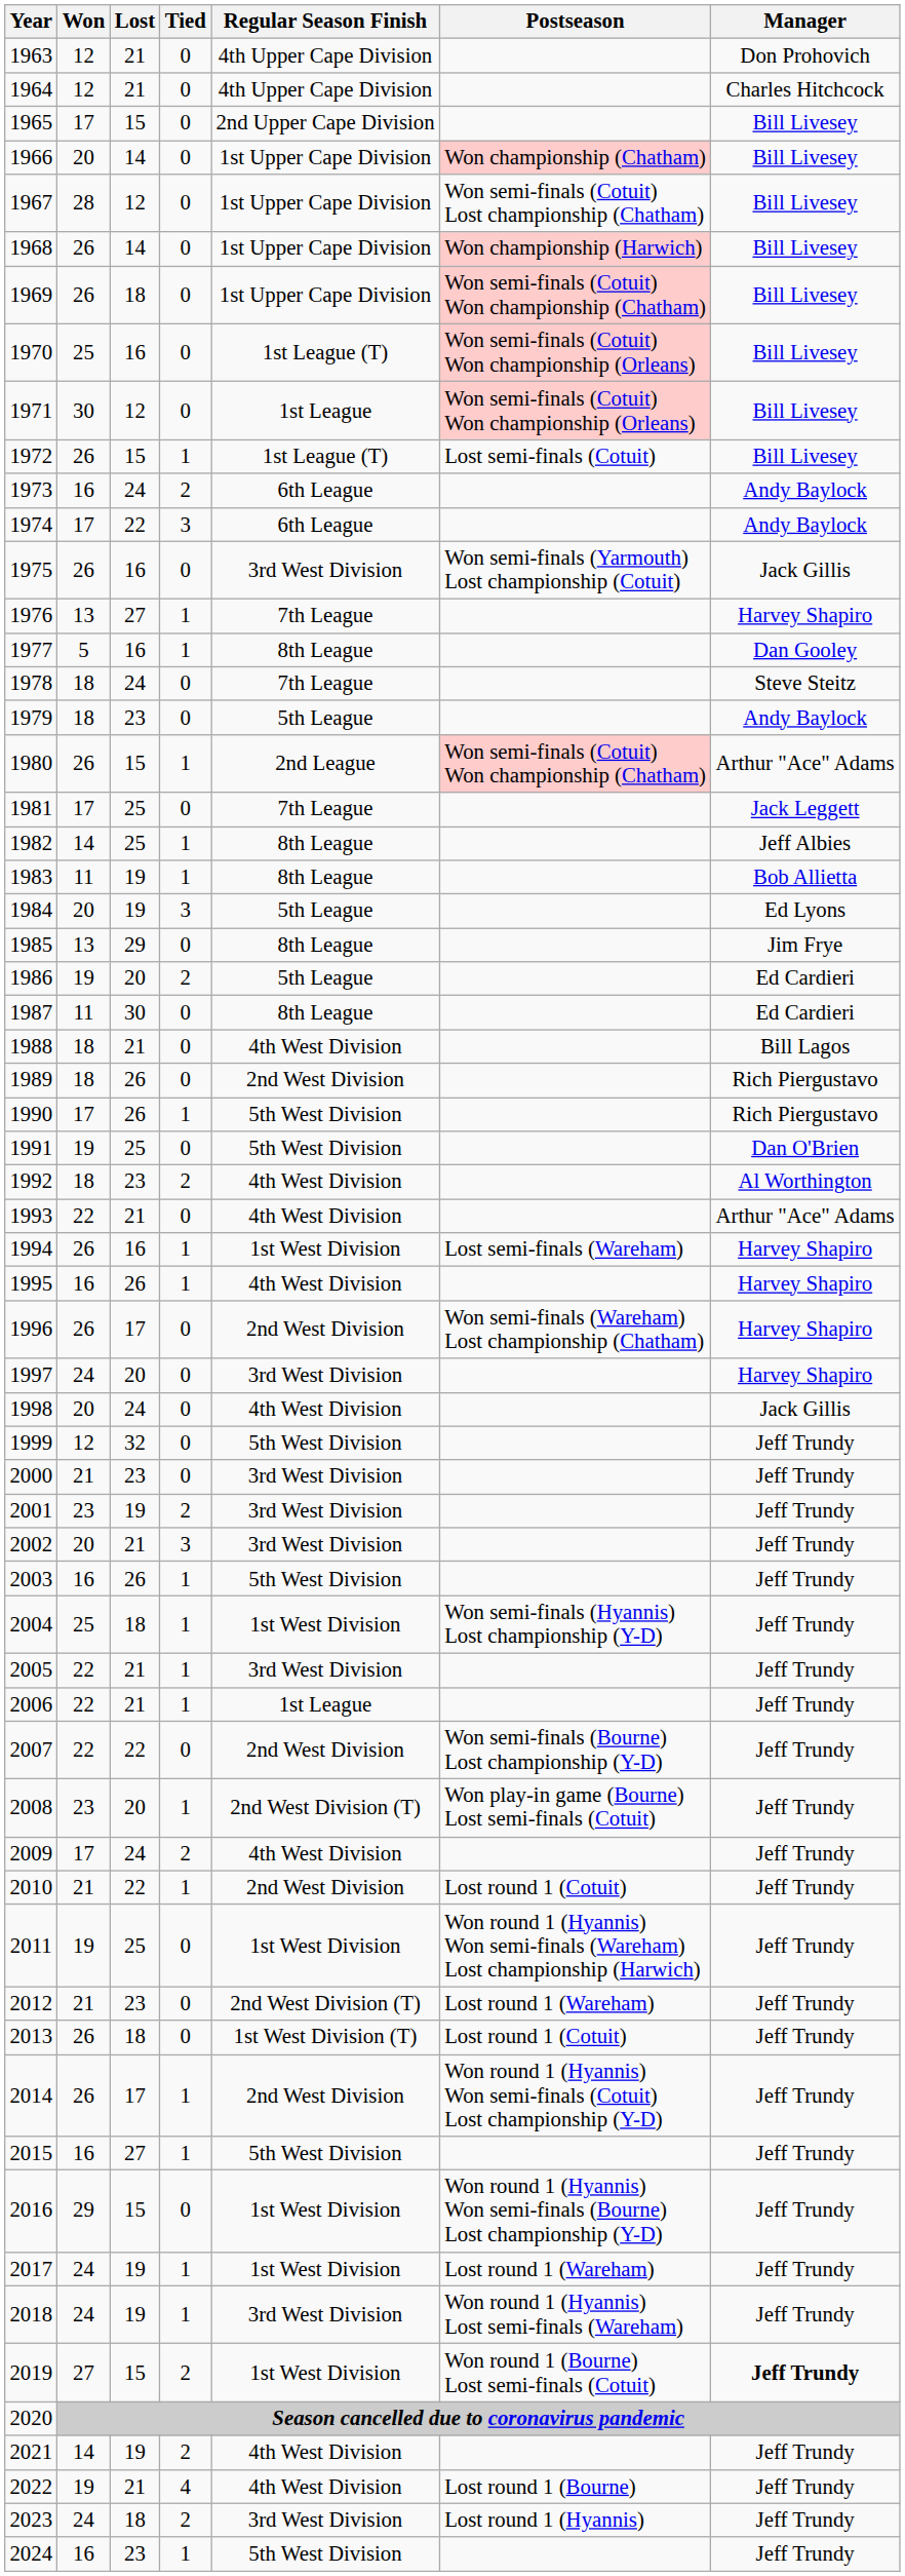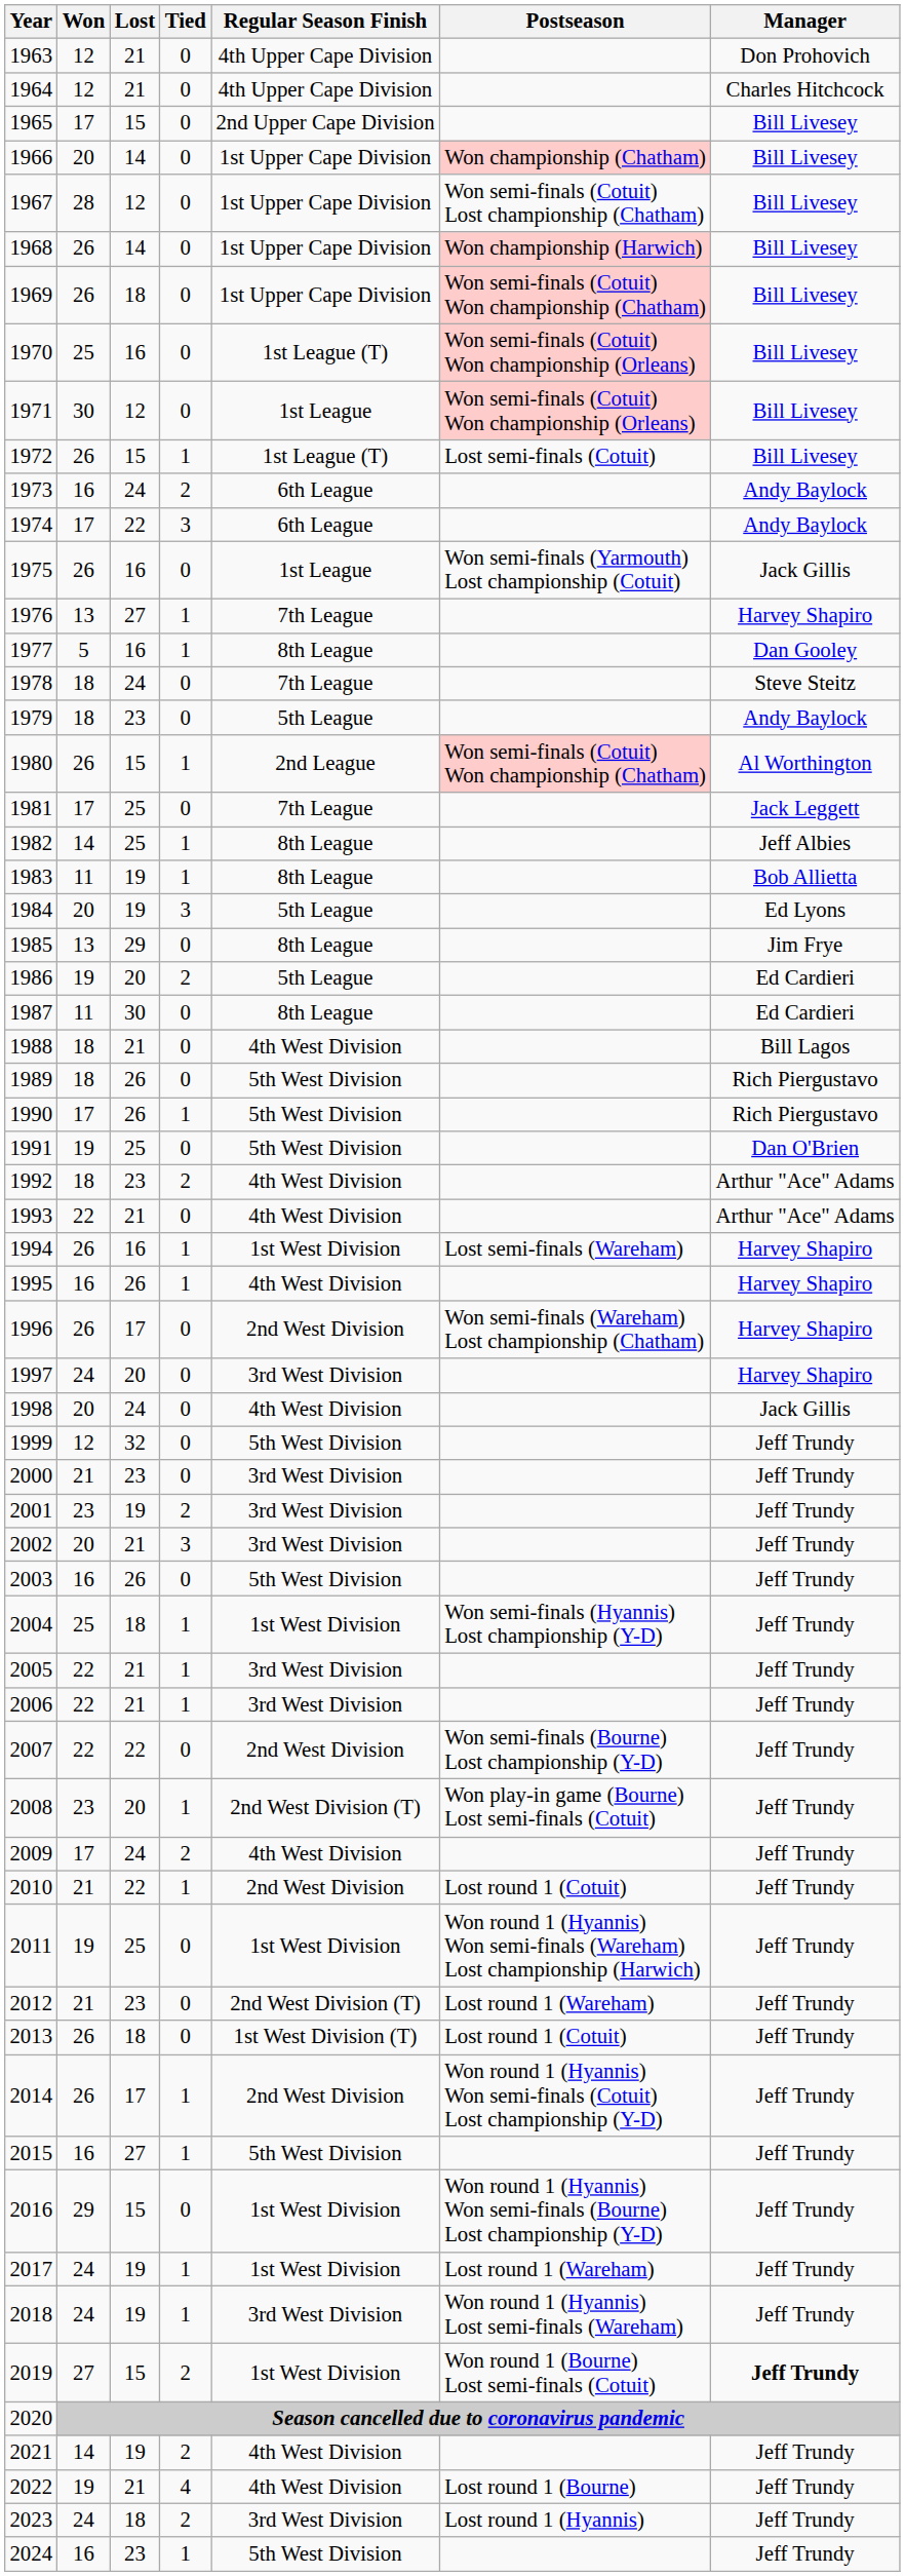 <table class="wikitable" style="text-align:center">
 <tr>
 <th>Year</th>
 <th>Won</th>
 <th>Lost</th>
 <th>Tied</th>
 <th>Regular Season Finish</th>
 <th>Postseason</th>
 <th>Manager</th>
 </tr>
 <tr>
 <td>1963</td>
 <td>12</td>
 <td>21</td>
 <td>0</td>
 <td>4th Upper Cape Division</td>
 <td></td>
 <td>Don Prohovich</td>
 </tr>
 <tr>
 <td>1964</td>
 <td>12</td>
 <td>21</td>
 <td>0</td>
 <td>4th Upper Cape Division</td>
 <td></td>
 <td>Charles Hitchcock</td>
 </tr>
 <tr>
 <td>1965</td>
 <td>17</td>
 <td>15</td>
 <td>0</td>
 <td>2nd Upper Cape Division</td>
 <td></td>
 <td><a href='#'>Bill Livesey</a></td>
 </tr>
 <tr>
 <td>1966</td>
 <td>20</td>
 <td>14</td>
 <td>0</td>
 <td>1st Upper Cape Division</td>
 <td style="text-align:left" bgcolor=#ffcccc>Won championship (<a href='#'>Chatham</a>)</td>
 <td><a href='#'>Bill Livesey</a></td>
 </tr>
 <tr>
 <td>1967</td>
 <td>28</td>
 <td>12</td>
 <td>0</td>
 <td>1st Upper Cape Division</td>
 <td style="text-align:left">Won semi-finals (<a href='#'>Cotuit</a>)<br>Lost championship (<a href='#'>Chatham</a>)</td>
 <td><a href='#'>Bill Livesey</a></td>
 </tr>
 <tr>
 <td>1968</td>
 <td>26</td>
 <td>14</td>
 <td>0</td>
 <td>1st Upper Cape Division</td>
 <td style="text-align:left" bgcolor=#ffcccc>Won championship (<a href='#'>Harwich</a>)</td>
 <td><a href='#'>Bill Livesey</a></td>
 </tr>
 <tr>
 <td>1969</td>
 <td>26</td>
 <td>18</td>
 <td>0</td>
 <td>1st Upper Cape Division</td>
 <td style="text-align:left" bgcolor=#ffcccc>Won semi-finals (<a href='#'>Cotuit</a>)<br>Won championship (<a href='#'>Chatham</a>)</td>
 <td><a href='#'>Bill Livesey</a></td>
 </tr>
 <tr>
 <td>1970</td>
 <td>25</td>
 <td>16</td>
 <td>0</td>
 <td>1st League (T)</td>
 <td style="text-align:left" bgcolor=#ffcccc>Won semi-finals (<a href='#'>Cotuit</a>)<br>Won championship (<a href='#'>Orleans</a>)</td>
 <td><a href='#'>Bill Livesey</a></td>
 </tr>
 <tr>
 <td>1971</td>
 <td>30</td>
 <td>12</td>
 <td>0</td>
 <td>1st League</td>
 <td style="text-align:left" bgcolor=#ffcccc>Won semi-finals (<a href='#'>Cotuit</a>)<br>Won championship (<a href='#'>Orleans</a>)</td>
 <td><a href='#'>Bill Livesey</a></td>
 </tr>
 <tr>
 <td>1972</td>
 <td>26</td>
 <td>15</td>
 <td>1</td>
 <td>1st League (T)</td>
 <td style="text-align:left">Lost semi-finals (<a href='#'>Cotuit</a>)</td>
 <td><a href='#'>Bill Livesey</a></td>
 </tr>
 <tr>
 <td>1973</td>
 <td>16</td>
 <td>24</td>
 <td>2</td>
 <td>6th League</td>
 <td></td>
 <td><a href='#'>Andy Baylock</a></td>
 </tr>
 <tr>
 <td>1974</td>
 <td>17</td>
 <td>22</td>
 <td>3</td>
 <td>6th League</td>
 <td></td>
 <td><a href='#'>Andy Baylock</a></td>
 </tr>
 <tr>
 <td>1975</td>
 <td>26</td>
 <td>16</td>
 <td>0</td>
-<td>3rd West Division</td>
+<td>1st League</td>
 <td style="text-align:left">Won semi-finals (<a href='#'>Yarmouth</a>)<br>Lost championship (<a href='#'>Cotuit</a>)</td>
 <td>Jack Gillis</td>
 </tr>
 <tr>
 <td>1976</td>
 <td>13</td>
 <td>27</td>
 <td>1</td>
 <td>7th League</td>
 <td></td>
 <td><a href='#'>Harvey Shapiro</a></td>
 </tr>
 <tr>
 <td>1977</td>
 <td>5</td>
 <td>16</td>
 <td>1</td>
 <td>8th League</td>
 <td></td>
 <td><a href='#'>Dan Gooley</a></td>
 </tr>
 <tr>
 <td>1978</td>
 <td>18</td>
 <td>24</td>
 <td>0</td>
 <td>7th League</td>
 <td></td>
 <td>Steve Steitz</td>
 </tr>
 <tr>
 <td>1979</td>
 <td>18</td>
 <td>23</td>
 <td>0</td>
 <td>5th League</td>
 <td></td>
 <td><a href='#'>Andy Baylock</a></td>
 </tr>
 <tr>
 <td>1980</td>
 <td>26</td>
 <td>15</td>
 <td>1</td>
 <td>2nd League</td>
 <td style="text-align:left" bgcolor=#ffcccc>Won semi-finals (<a href='#'>Cotuit</a>)<br>Won championship (<a href='#'>Chatham</a>)</td>
-<td>Arthur "Ace" Adams</td>
+<td><a href='#'>Al Worthington</a></td>
 </tr>
 <tr>
 <td>1981</td>
 <td>17</td>
 <td>25</td>
 <td>0</td>
 <td>7th League</td>
 <td></td>
 <td><a href='#'>Jack Leggett</a></td>
 </tr>
 <tr>
 <td>1982</td>
 <td>14</td>
 <td>25</td>
 <td>1</td>
 <td>8th League</td>
 <td></td>
 <td>Jeff Albies</td>
 </tr>
 <tr>
 <td>1983</td>
 <td>11</td>
 <td>19</td>
 <td>1</td>
 <td>8th League</td>
 <td></td>
 <td><a href='#'>Bob Allietta</a></td>
 </tr>
 <tr>
 <td>1984</td>
 <td>20</td>
 <td>19</td>
 <td>3</td>
 <td>5th League</td>
 <td></td>
 <td>Ed Lyons</td>
 </tr>
 <tr>
 <td>1985</td>
 <td>13</td>
 <td>29</td>
 <td>0</td>
 <td>8th League</td>
 <td></td>
 <td>Jim Frye</td>
 </tr>
 <tr>
 <td>1986</td>
 <td>19</td>
 <td>20</td>
 <td>2</td>
 <td>5th League</td>
 <td></td>
 <td>Ed Cardieri</td>
 </tr>
 <tr>
 <td>1987</td>
 <td>11</td>
 <td>30</td>
 <td>0</td>
 <td>8th League</td>
 <td></td>
 <td>Ed Cardieri</td>
 </tr>
 <tr>
 <td>1988</td>
 <td>18</td>
 <td>21</td>
 <td>0</td>
 <td>4th West Division</td>
 <td></td>
 <td>Bill Lagos</td>
 </tr>
 <tr>
 <td>1989</td>
 <td>18</td>
 <td>26</td>
 <td>0</td>
-<td>2nd West Division</td>
+<td>5th West Division</td>
 <td></td>
 <td>Rich Piergustavo</td>
 </tr>
 <tr>
 <td>1990</td>
 <td>17</td>
 <td>26</td>
 <td>1</td>
 <td>5th West Division</td>
 <td></td>
 <td>Rich Piergustavo</td>
 </tr>
 <tr>
 <td>1991</td>
 <td>19</td>
 <td>25</td>
 <td>0</td>
 <td>5th West Division</td>
 <td></td>
 <td><a href='#'>Dan O'Brien</a></td>
 </tr>
 <tr>
 <td>1992</td>
 <td>18</td>
 <td>23</td>
 <td>2</td>
 <td>4th West Division</td>
 <td></td>
-<td><a href='#'>Al Worthington</a></td>
+<td>Arthur "Ace" Adams</td>
 </tr>
 <tr>
 <td>1993</td>
 <td>22</td>
 <td>21</td>
 <td>0</td>
 <td>4th West Division</td>
 <td></td>
 <td>Arthur "Ace" Adams</td>
 </tr>
 <tr>
 <td>1994</td>
 <td>26</td>
 <td>16</td>
 <td>1</td>
 <td>1st West Division</td>
 <td style="text-align:left">Lost semi-finals (<a href='#'>Wareham</a>)</td>
 <td><a href='#'>Harvey Shapiro</a></td>
 </tr>
 <tr>
 <td>1995</td>
 <td>16</td>
 <td>26</td>
 <td>1</td>
 <td>4th West Division</td>
 <td></td>
 <td><a href='#'>Harvey Shapiro</a></td>
 </tr>
 <tr>
 <td>1996</td>
 <td>26</td>
 <td>17</td>
 <td>0</td>
 <td>2nd West Division</td>
 <td style="text-align:left">Won semi-finals (<a href='#'>Wareham</a>)<br>Lost championship (<a href='#'>Chatham</a>)</td>
 <td><a href='#'>Harvey Shapiro</a></td>
 </tr>
 <tr>
 <td>1997</td>
 <td>24</td>
 <td>20</td>
 <td>0</td>
 <td>3rd West Division</td>
 <td></td>
 <td><a href='#'>Harvey Shapiro</a></td>
 </tr>
 <tr>
 <td>1998</td>
 <td>20</td>
 <td>24</td>
 <td>0</td>
 <td>4th West Division</td>
 <td></td>
 <td>Jack Gillis</td>
 </tr>
 <tr>
 <td>1999</td>
 <td>12</td>
 <td>32</td>
 <td>0</td>
 <td>5th West Division</td>
 <td></td>
 <td>Jeff Trundy</td>
 </tr>
 <tr>
 <td>2000</td>
 <td>21</td>
 <td>23</td>
 <td>0</td>
 <td>3rd West Division</td>
 <td></td>
 <td>Jeff Trundy</td>
 </tr>
 <tr>
 <td>2001</td>
 <td>23</td>
 <td>19</td>
 <td>2</td>
 <td>3rd West Division</td>
 <td></td>
 <td>Jeff Trundy</td>
 </tr>
 <tr>
 <td>2002</td>
 <td>20</td>
 <td>21</td>
 <td>3</td>
 <td>3rd West Division</td>
 <td></td>
 <td>Jeff Trundy</td>
 </tr>
 <tr>
 <td>2003</td>
 <td>16</td>
 <td>26</td>
-<td>1</td>
+<td>0</td>
 <td>5th West Division</td>
 <td></td>
 <td>Jeff Trundy</td>
 </tr>
 <tr>
 <td>2004</td>
 <td>25</td>
 <td>18</td>
 <td>1</td>
 <td>1st West Division</td>
 <td style="text-align:left">Won semi-finals (<a href='#'>Hyannis</a>)<br>Lost championship (<a href='#'>Y-D</a>)</td>
 <td>Jeff Trundy</td>
 </tr>
 <tr>
 <td>2005</td>
 <td>22</td>
 <td>21</td>
 <td>1</td>
 <td>3rd West Division</td>
 <td></td>
 <td>Jeff Trundy</td>
 </tr>
 <tr>
 <td>2006</td>
 <td>22</td>
 <td>21</td>
 <td>1</td>
-<td>1st League</td>
+<td>3rd West Division</td>
 <td></td>
 <td>Jeff Trundy</td>
 </tr>
 <tr>
 <td>2007</td>
 <td>22</td>
 <td>22</td>
 <td>0</td>
 <td>2nd West Division</td>
 <td style="text-align:left">Won semi-finals (<a href='#'>Bourne</a>)<br>Lost championship (<a href='#'>Y-D</a>)</td>
 <td>Jeff Trundy</td>
 </tr>
 <tr>
 <td>2008</td>
 <td>23</td>
 <td>20</td>
 <td>1</td>
 <td>2nd West Division (T)</td>
 <td style="text-align:left">Won play-in game (<a href='#'>Bourne</a>)<br>Lost semi-finals (<a href='#'>Cotuit</a>)</td>
 <td>Jeff Trundy</td>
 </tr>
 <tr>
 <td>2009</td>
 <td>17</td>
 <td>24</td>
 <td>2</td>
 <td>4th West Division</td>
 <td></td>
 <td>Jeff Trundy</td>
 </tr>
 <tr>
 <td>2010</td>
 <td>21</td>
 <td>22</td>
 <td>1</td>
 <td>2nd West Division</td>
 <td style="text-align:left">Lost round 1 (<a href='#'>Cotuit</a>)</td>
 <td>Jeff Trundy</td>
 </tr>
 <tr>
 <td>2011</td>
 <td>19</td>
 <td>25</td>
 <td>0</td>
 <td>1st West Division</td>
 <td style="text-align:left">Won round 1 (<a href='#'>Hyannis</a>)<br>Won semi-finals (<a href='#'>Wareham</a>)<br>Lost championship (<a href='#'>Harwich</a>)</td>
 <td>Jeff Trundy</td>
 </tr>
 <tr>
 <td>2012</td>
 <td>21</td>
 <td>23</td>
 <td>0</td>
 <td>2nd West Division (T)</td>
 <td style="text-align:left">Lost round 1 (<a href='#'>Wareham</a>)</td>
 <td>Jeff Trundy</td>
 </tr>
 <tr>
 <td>2013</td>
 <td>26</td>
 <td>18</td>
 <td>0</td>
 <td>1st West Division (T)</td>
 <td style="text-align:left">Lost round 1 (<a href='#'>Cotuit</a>)</td>
 <td>Jeff Trundy</td>
 </tr>
 <tr>
 <td>2014</td>
 <td>26</td>
 <td>17</td>
 <td>1</td>
 <td>2nd West Division</td>
 <td style="text-align:left">Won round 1 (<a href='#'>Hyannis</a>)<br>Won semi-finals (<a href='#'>Cotuit</a>)<br>Lost championship (<a href='#'>Y-D</a>)</td>
 <td>Jeff Trundy</td>
 </tr>
 <tr>
 <td>2015</td>
 <td>16</td>
 <td>27</td>
 <td>1</td>
 <td>5th West Division</td>
 <td></td>
 <td>Jeff Trundy</td>
 </tr>
 <tr>
 <td>2016</td>
 <td>29</td>
 <td>15</td>
 <td>0</td>
 <td>1st West Division</td>
 <td style="text-align:left">Won round 1 (<a href='#'>Hyannis</a>)<br>Won semi-finals (<a href='#'>Bourne</a>)<br>Lost championship (<a href='#'>Y-D</a>)</td>
 <td>Jeff Trundy</td>
 </tr>
 <tr>
 <td>2017</td>
 <td>24</td>
 <td>19</td>
 <td>1</td>
 <td>1st West Division</td>
 <td style="text-align:left">Lost round 1 (<a href='#'>Wareham</a>)</td>
 <td>Jeff Trundy</td>
 </tr>
 <tr>
 <td>2018</td>
 <td>24</td>
 <td>19</td>
 <td>1</td>
 <td>3rd West Division</td>
 <td style="text-align:left">Won round 1 (<a href='#'>Hyannis</a>)<br>Lost semi-finals (<a href='#'>Wareham</a>)</td>
 <td>Jeff Trundy</td>
 </tr>
 <tr>
 <td>2019</td>
 <td>27</td>
 <td>15</td>
 <td>2</td>
 <td>1st West Division</td>
 <td style="text-align:left">Won round 1 (<a href='#'>Bourne</a>)<br>Lost semi-finals (<a href='#'>Cotuit</a>)</td>
 <td><strong>Jeff Trundy</strong></td>
 </tr>
 <tr>
 <td>2020</td>
 <td colspan="6" align="center" bgcolor=#cccccc><strong><em>Season cancelled due to <a href='#'>coronavirus pandemic</a></em></strong></td>
 </tr>
 <tr>
 <td>2021</td>
 <td>14</td>
 <td>19</td>
 <td>2</td>
 <td>4th West Division</td>
 <td></td>
 <td>Jeff Trundy</td>
 </tr>
 <tr>
 <td>2022</td>
 <td>19</td>
 <td>21</td>
 <td>4</td>
 <td>4th West Division</td>
 <td style="text-align:left">Lost round 1 (<a href='#'>Bourne</a>)</td>
 <td>Jeff Trundy</td>
 </tr>
 <tr>
 <td>2023</td>
 <td>24</td>
 <td>18</td>
 <td>2</td>
 <td>3rd West Division</td>
 <td style="text-align:left">Lost round 1 (<a href='#'>Hyannis</a>)</td>
 <td>Jeff Trundy</td>
 </tr>
 <tr>
 <td>2024</td>
 <td>16</td>
 <td>23</td>
 <td>1</td>
 <td>5th West Division</td>
 <td></td>
 <td>Jeff Trundy</td>
 </tr>
 <tr>
 </tr>
 </table>
